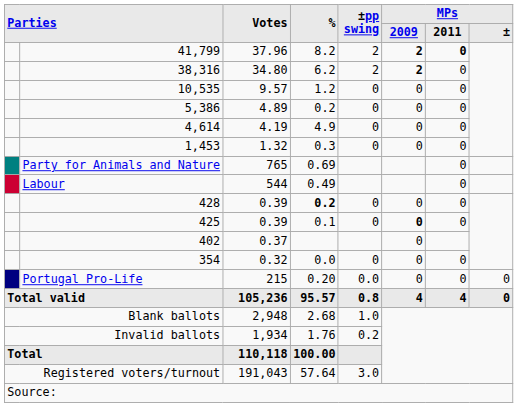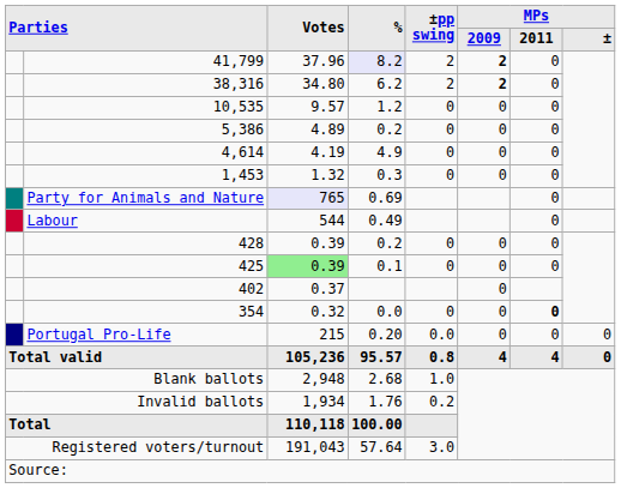 <table class="wikitable" style="text-align:right; font-size:95%;">
 <tr>
 <th rowspan="2" colspan="2" style="background:#e9e9e9; text-align:left;" alignleft><a href='#'>Parties</a></th>
 <th rowspan="2" style="background:#e9e9e9; text-align:right;">Votes</th>
 <th rowspan="2" style="background:#e9e9e9; text-align:right;">%</th>
 <th rowspan="2" style="background:#e9e9e9; text-align:right;">±<a href='#'>pp</a> <a href='#'>swing</a></th>
 <th colspan="3" style="background:#e9e9e9; text-align:center;"><a href='#'>MPs</a></th>
 </tr>
 <tr style="background-color:#E9E9E9">
 <th style="background-color:#E9E9E9;text-align:center;"><a href='#'>2009</a></th>
 <th style="background-color:#E9E9E9;text-align:center;">2011</th>
 <th style="background:#e9e9e9; text-align:right;">±</th>
 </tr>
 <tr>
 <td></td>
 <td>41,799</td>
 <td>37.96</td>
-<td>8.2</td>
+<td style="background: lavender;">8.2</td>
 <td>2</td>
 <td><strong>2</strong></td>
-<td><strong>0</strong></td>
+<td>0</td>
 </tr>
 <tr>
 <td></td>
 <td>38,316</td>
 <td>34.80</td>
 <td>6.2</td>
 <td>2</td>
 <td><strong>2</strong></td>
 <td>0</td>
 </tr>
 <tr>
 <td></td>
 <td>10,535</td>
 <td>9.57</td>
 <td>1.2</td>
 <td>0</td>
 <td>0</td>
 <td>0</td>
 </tr>
 <tr>
 <td></td>
 <td>5,386</td>
 <td>4.89</td>
 <td>0.2</td>
 <td>0</td>
 <td>0</td>
 <td>0</td>
 </tr>
 <tr>
 <td></td>
 <td>4,614</td>
 <td>4.19</td>
 <td>4.9</td>
 <td>0</td>
 <td>0</td>
 <td>0</td>
 </tr>
 <tr>
 <td></td>
 <td>1,453</td>
 <td>1.32</td>
 <td>0.3</td>
 <td>0</td>
 <td>0</td>
 <td>0</td>
 </tr>
 <tr>
 <td style="width: 10px" bgcolor="teal" align="center"></td>
 <td align="left"><a href='#'>Party for Animals and Nature</a></td>
-<td>765</td>
+<td style="background: lavender;">765</td>
 <td>0.69</td>
 <td></td>
 <td></td>
 <td>0</td>
 <td></td>
 </tr>
 <tr>
 <td style="width: 10px" bgcolor=#CC0033 align="center"></td>
 <td align=left><a href='#'>Labour</a></td>
 <td>544</td>
 <td>0.49</td>
 <td></td>
 <td></td>
 <td>0</td>
 <td></td>
 </tr>
 <tr>
 <td></td>
 <td>428</td>
 <td>0.39</td>
-<td><strong>0.2</strong></td>
+<td>0.2</td>
 <td>0</td>
 <td>0</td>
 <td>0</td>
 </tr>
 <tr>
 <td></td>
 <td>425</td>
-<td>0.39</td>
+<td style="background: lightgreen;">0.39</td>
 <td>0.1</td>
 <td>0</td>
-<td><strong>0</strong></td>
+<td>0</td>
 <td>0</td>
 </tr>
 <tr>
 <td></td>
 <td>402</td>
 <td>0.37</td>
 <td></td>
 <td></td>
 <td>0</td>
 <td></td>
 </tr>
 <tr>
 <td></td>
 <td>354</td>
 <td>0.32</td>
 <td>0.0</td>
 <td>0</td>
 <td>0</td>
-<td>0</td>
+<td><strong>0</strong></td>
 </tr>
 <tr>
 <td style="width:10px;background-color:#000080;text-align:center;"></td>
 <td style="text-align:left;"><a href='#'>Portugal Pro-Life</a></td>
 <td>215</td>
 <td>0.20</td>
 <td>0.0</td>
 <td>0</td>
 <td>0</td>
 <td>0</td>
 </tr>
 <tr>
 <td colspan=2 align=left style="background-color:#E9E9E9"><strong>Total valid</strong></td>
 <td width="65" align="right" style="background-color:#E9E9E9"><strong>105,236</strong></td>
 <td width="40" align="right" style="background-color:#E9E9E9"><strong>95.57</strong></td>
 <td width="40" align="right" style="background-color:#E9E9E9"><strong>0.8</strong></td>
 <td width="40" align="right" style="background-color:#E9E9E9"><strong>4</strong></td>
 <td width="40" align="right" style="background-color:#E9E9E9"><strong>4</strong></td>
 <td width="40" align="right" style="background-color:#E9E9E9"><strong>0</strong></td>
 </tr>
 <tr>
 <td colspan=2>Blank ballots</td>
 <td>2,948</td>
 <td>2.68</td>
 <td>1.0</td>
 <td colspan=4 rowspan=4></td>
 </tr>
 <tr>
 <td colspan=2>Invalid ballots</td>
 <td>1,934</td>
 <td>1.76</td>
 <td>0.2</td>
 </tr>
 <tr>
 <td colspan=2 align=left style="background-color:#E9E9E9"><strong>Total</strong></td>
 <td width="50" align="right" style="background-color:#E9E9E9"><strong>110,118</strong></td>
 <td width="40" align="right" style="background-color:#E9E9E9"><strong>100.00</strong></td>
 <td width="40" align="right" style="background-color:#E9E9E9"></td>
 </tr>
 <tr>
 <td colspan=2>Registered voters/turnout</td>
 <td>191,043</td>
 <td>57.64</td>
 <td>3.0</td>
 </tr>
 <tr>
 <td colspan=11 align=left>Source: </td>
 </tr>
 </table>
